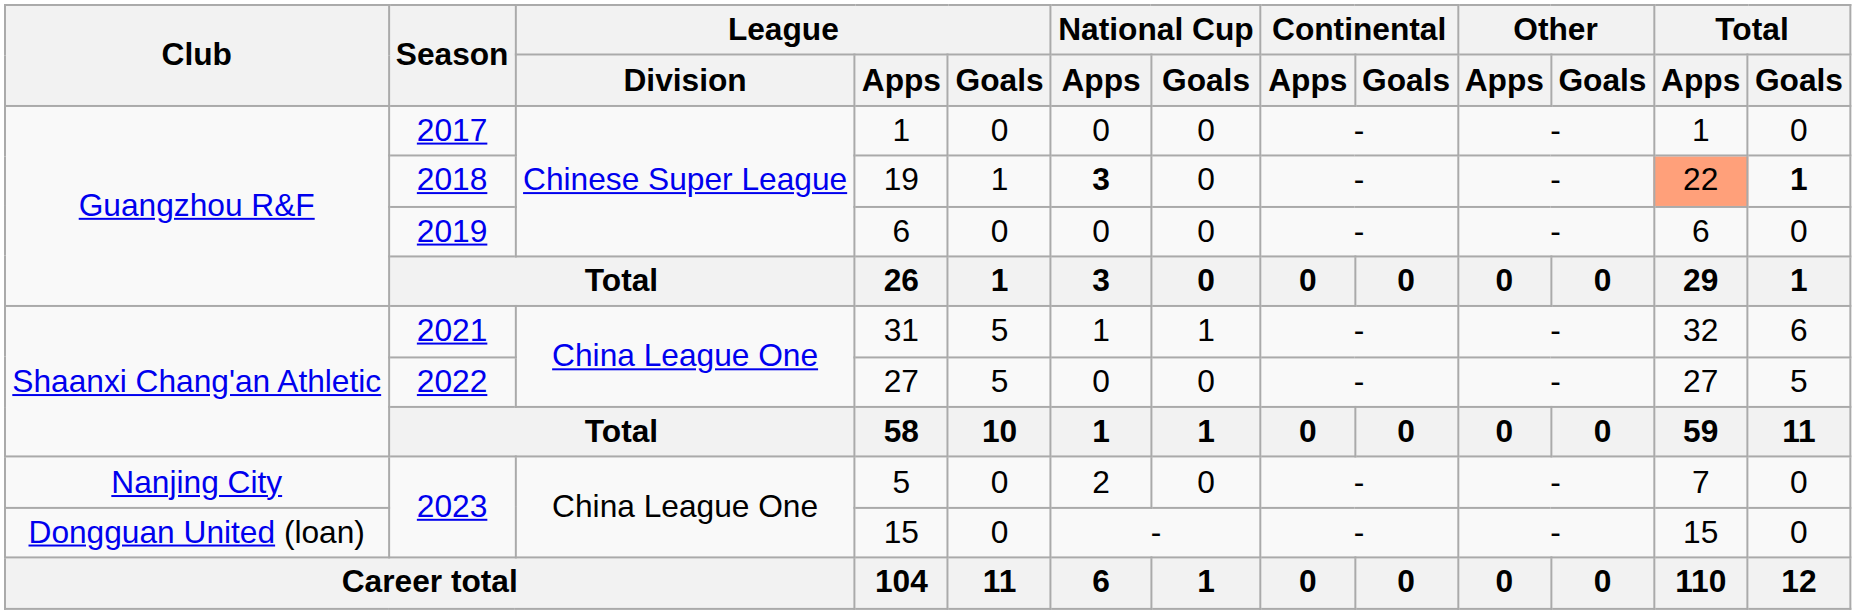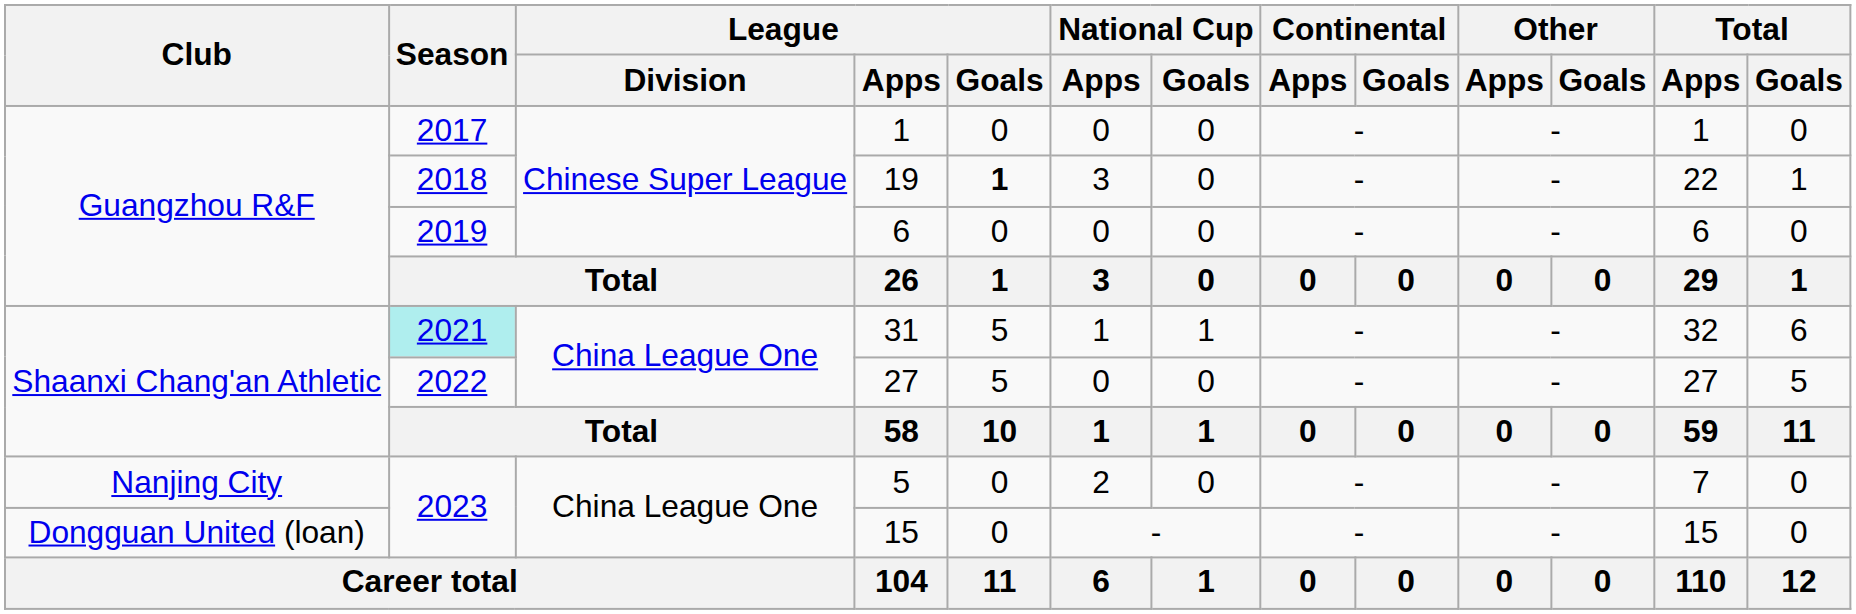 <table class="wikitable" style="text-align: center">
 <tr>
 <th rowspan="2">Club</th>
 <th rowspan="2">Season</th>
 <th colspan="3">League</th>
 <th colspan="2">National Cup</th>
 <th colspan="2">Continental</th>
 <th colspan="2">Other</th>
 <th colspan="2">Total</th>
 </tr>
 <tr>
 <th>Division</th>
 <th>Apps</th>
 <th>Goals</th>
 <th>Apps</th>
 <th>Goals</th>
 <th>Apps</th>
 <th>Goals</th>
 <th>Apps</th>
 <th>Goals</th>
 <th>Apps</th>
 <th>Goals</th>
 </tr>
 <tr>
 <td rowspan="4"><a href='#'>Guangzhou R&F</a></td>
 <td><a href='#'>2017</a></td>
 <td rowspan="3"><a href='#'>Chinese Super League</a></td>
 <td>1</td>
 <td>0</td>
 <td>0</td>
 <td>0</td>
 <td colspan="2">-</td>
 <td colspan="2">-</td>
 <td>1</td>
 <td>0</td>
 </tr>
 <tr>
 <td><a href='#'>2018</a></td>
 <td>19</td>
-<td>1</td>
-<td><strong>3</strong></td>
+<td><strong>1</strong></td>
+<td>3</td>
 <td>0</td>
 <td colspan="2">-</td>
 <td colspan="2">-</td>
-<td style="background: lightsalmon;">22</td>
-<td><strong>1</strong></td>
+<td>22</td>
+<td>1</td>
 </tr>
 <tr>
 <td><a href='#'>2019</a></td>
 <td>6</td>
 <td>0</td>
 <td>0</td>
 <td>0</td>
 <td colspan="2">-</td>
 <td colspan="2">-</td>
 <td>6</td>
 <td>0</td>
 </tr>
 <tr>
 <th colspan="2"><strong>Total</strong></th>
 <th>26</th>
 <th>1</th>
 <th>3</th>
 <th>0</th>
 <th>0</th>
 <th>0</th>
 <th>0</th>
 <th>0</th>
 <th>29</th>
 <th>1</th>
 </tr>
 <tr>
 <td rowspan="3"><a href='#'>Shaanxi Chang'an Athletic</a></td>
-<td><a href='#'>2021</a></td>
+<td style="background: paleturquoise;"><a href='#'>2021</a></td>
 <td rowspan="2"><a href='#'>China League One</a></td>
 <td>31</td>
 <td>5</td>
 <td>1</td>
 <td>1</td>
 <td colspan="2">-</td>
 <td colspan="2">-</td>
 <td>32</td>
 <td>6</td>
 </tr>
 <tr>
 <td><a href='#'>2022</a></td>
 <td>27</td>
 <td>5</td>
 <td>0</td>
 <td>0</td>
 <td colspan="2">-</td>
 <td colspan="2">-</td>
 <td>27</td>
 <td>5</td>
 </tr>
 <tr>
 <th colspan="2"><strong>Total</strong></th>
 <th>58</th>
 <th>10</th>
 <th>1</th>
 <th>1</th>
 <th>0</th>
 <th>0</th>
 <th>0</th>
 <th>0</th>
 <th>59</th>
 <th>11</th>
 </tr>
 <tr>
 <td><a href='#'>Nanjing City</a></td>
 <td rowspan="2"><a href='#'>2023</a></td>
 <td rowspan="2">China League One</td>
 <td>5</td>
 <td>0</td>
 <td>2</td>
 <td>0</td>
 <td colspan="2">-</td>
 <td colspan="2">-</td>
 <td>7</td>
 <td>0</td>
 </tr>
 <tr>
 <td><a href='#'>Dongguan United</a> (loan)</td>
 <td>15</td>
 <td>0</td>
 <td colspan="2">-</td>
 <td colspan="2">-</td>
 <td colspan="2">-</td>
 <td>15</td>
 <td>0</td>
 </tr>
 <tr>
 <th colspan=3>Career total</th>
 <th>104</th>
 <th>11</th>
 <th>6</th>
 <th>1</th>
 <th>0</th>
 <th>0</th>
 <th>0</th>
 <th>0</th>
 <th>110</th>
 <th>12</th>
 </tr>
 </table>
